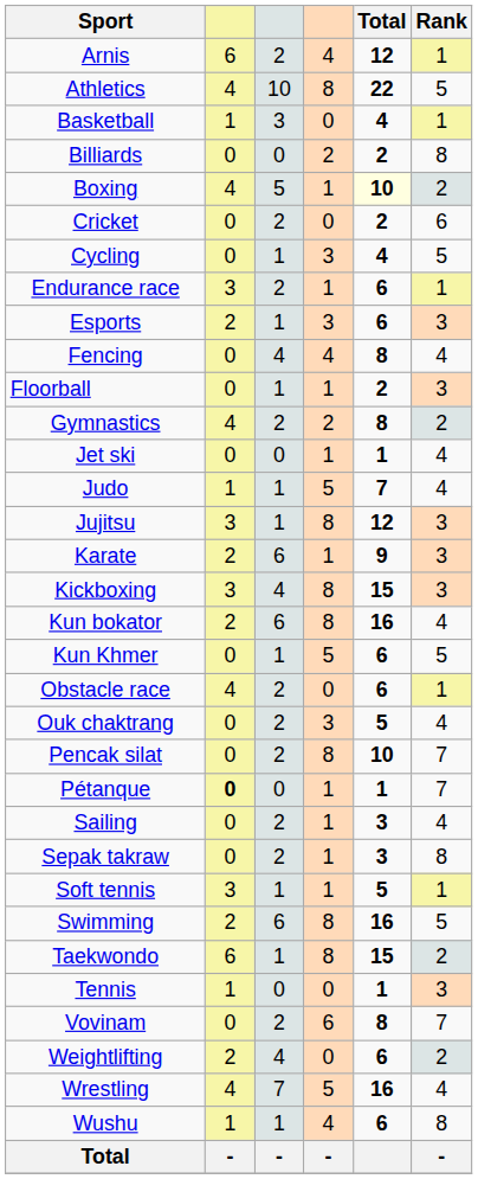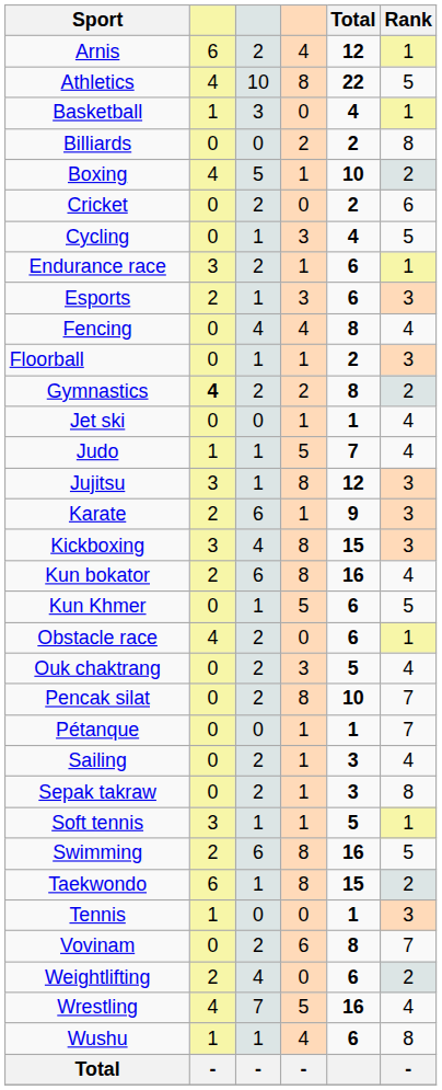 <table class="wikitable sortable" style="font-size:100%; text-align:center;">
 <tr>
 <th width=145>Sport</th>
 <th scope="col" width=30 style="background:#F7F6A8; text-align:center;"></th>
 <th scope="col" width=30 style="background:#DCE5E5; text-align:center;"></th>
 <th scope="col" width=30 style="background:#FFDAB9; text-align:center;"></th>
 <th scope="col" width=30>Total</th>
 <th scope="col" width=30>Rank</th>
 </tr>
 <tr>
 <td> <a href='#'>Arnis</a></td>
 <td style="background:#F7F6A8;">6</td>
 <td style="background:#DCE5E5;">2</td>
 <td style="background:#FFDAB9;">4</td>
 <td><strong>12</strong></td>
 <td style="background:#F7F6A8;">1</td>
 </tr>
 <tr>
 <td> <a href='#'>Athletics</a></td>
 <td style="background:#F7F6A8;">4</td>
 <td style="background:#DCE5E5;">10</td>
 <td style="background:#FFDAB9;">8</td>
 <td><strong>22</strong></td>
 <td>5</td>
 </tr>
 <tr>
 <td> <a href='#'>Basketball</a></td>
 <td style="background:#F7F6A8;">1</td>
 <td style="background:#DCE5E5;">3</td>
 <td style="background:#FFDAB9;">0</td>
 <td><strong>4</strong></td>
 <td style="background:#F7F6A8;">1</td>
 </tr>
 <tr>
 <td> <a href='#'>Billiards</a></td>
 <td style="background:#F7F6A8;">0</td>
 <td style="background:#DCE5E5;">0</td>
 <td style="background:#FFDAB9;">2</td>
 <td><strong>2</strong></td>
 <td>8</td>
 </tr>
 <tr>
 <td> <a href='#'>Boxing</a></td>
 <td style="background:#F7F6A8;">4</td>
 <td style="background:#DCE5E5;">5</td>
 <td style="background:#FFDAB9;">1</td>
-<td style="background: lightyellow;"><strong>10</strong></td>
+<td><strong>10</strong></td>
 <td style="background:#DCE5E5;">2</td>
 </tr>
 <tr>
 <td> <a href='#'>Cricket</a></td>
 <td style="background:#F7F6A8;">0</td>
 <td style="background:#DCE5E5;">2</td>
 <td style="background:#FFDAB9;">0</td>
 <td><strong>2</strong></td>
 <td>6</td>
 </tr>
 <tr>
 <td> <a href='#'>Cycling</a></td>
 <td style="background:#F7F6A8;">0</td>
 <td style="background:#DCE5E5;">1</td>
 <td style="background:#FFDAB9;">3</td>
 <td><strong>4</strong></td>
 <td>5</td>
 </tr>
 <tr>
 <td> <a href='#'>Endurance race</a></td>
 <td style="background:#F7F6A8;">3</td>
 <td style="background:#DCE5E5;">2</td>
 <td style="background:#FFDAB9;">1</td>
 <td><strong>6</strong></td>
 <td style="background:#F7F6A8;">1</td>
 </tr>
 <tr>
 <td> <a href='#'>Esports</a></td>
 <td style="background:#F7F6A8;">2</td>
 <td style="background:#DCE5E5;">1</td>
 <td style="background:#FFDAB9;">3</td>
 <td><strong>6</strong></td>
 <td style="background:#FFDAB9;">3</td>
 </tr>
 <tr>
 <td> <a href='#'>Fencing</a></td>
 <td style="background:#F7F6A8;">0</td>
 <td style="background:#DCE5E5;">4</td>
 <td style="background:#FFDAB9;">4</td>
 <td><strong>8</strong></td>
 <td>4</td>
 </tr>
 <tr>
 <td align=left> <a href='#'>Floorball</a></td>
 <td style="background:#F7F6A8;">0</td>
 <td style="background:#DCE5E5;">1</td>
 <td style="background:#FFDAB9;">1</td>
 <td><strong>2</strong></td>
 <td style="background:#FFDAB9;">3</td>
 </tr>
 <tr>
 <td> <a href='#'>Gymnastics</a></td>
-<td style="background:#F7F6A8;">4</td>
+<td style="background:#F7F6A8;"><strong>4</strong></td>
 <td style="background:#DCE5E5;">2</td>
 <td style="background:#FFDAB9;">2</td>
 <td><strong>8</strong></td>
 <td style="background:#DCE5E5;">2</td>
 </tr>
 <tr>
 <td> <a href='#'>Jet ski</a></td>
 <td style="background:#F7F6A8;">0</td>
 <td style="background:#DCE5E5;">0</td>
 <td style="background:#FFDAB9;">1</td>
 <td><strong>1</strong></td>
 <td>4</td>
 </tr>
 <tr>
 <td> <a href='#'>Judo</a></td>
 <td style="background:#F7F6A8;">1</td>
 <td style="background:#DCE5E5;">1</td>
 <td style="background:#FFDAB9;">5</td>
 <td><strong>7</strong></td>
 <td>4</td>
 </tr>
 <tr>
 <td> <a href='#'>Jujitsu</a></td>
 <td style="background:#F7F6A8;">3</td>
 <td style="background:#DCE5E5;">1</td>
 <td style="background:#FFDAB9;">8</td>
 <td><strong>12</strong></td>
 <td style="background:#FFDAB9;">3</td>
 </tr>
 <tr>
 <td> <a href='#'>Karate</a></td>
 <td style="background:#F7F6A8;">2</td>
 <td style="background:#DCE5E5;">6</td>
 <td style="background:#FFDAB9;">1</td>
 <td><strong>9</strong></td>
 <td style="background:#FFDAB9;">3</td>
 </tr>
 <tr>
 <td> <a href='#'>Kickboxing</a></td>
 <td style="background:#F7F6A8;">3</td>
 <td style="background:#DCE5E5;">4</td>
 <td style="background:#FFDAB9;">8</td>
 <td><strong>15</strong></td>
 <td style="background:#FFDAB9;">3</td>
 </tr>
 <tr>
 <td> <a href='#'>Kun bokator</a></td>
 <td style="background:#F7F6A8;">2</td>
 <td style="background:#DCE5E5;">6</td>
 <td style="background:#FFDAB9;">8</td>
 <td><strong>16</strong></td>
 <td>4</td>
 </tr>
 <tr>
 <td> <a href='#'>Kun Khmer</a></td>
 <td style="background:#F7F6A8;">0</td>
 <td style="background:#DCE5E5;">1</td>
 <td style="background:#FFDAB9;">5</td>
 <td><strong>6</strong></td>
 <td>5</td>
 </tr>
 <tr>
 <td> <a href='#'>Obstacle race</a></td>
 <td style="background:#F7F6A8;">4</td>
 <td style="background:#DCE5E5;">2</td>
 <td style="background:#FFDAB9;">0</td>
 <td><strong>6</strong></td>
 <td style="background:#F7F6A8;">1</td>
 </tr>
 <tr>
 <td> <a href='#'>Ouk chaktrang</a></td>
 <td style="background:#F7F6A8;">0</td>
 <td style="background:#DCE5E5;">2</td>
 <td style="background:#FFDAB9;">3</td>
 <td><strong>5</strong></td>
 <td>4</td>
 </tr>
 <tr>
 <td> <a href='#'>Pencak silat</a></td>
 <td style="background:#F7F6A8;">0</td>
 <td style="background:#DCE5E5;">2</td>
 <td style="background:#FFDAB9;">8</td>
 <td><strong>10</strong></td>
 <td>7</td>
 </tr>
 <tr>
 <td> <a href='#'>Pétanque</a></td>
-<td style="background:#F7F6A8;"><strong>0</strong></td>
+<td style="background:#F7F6A8;">0</td>
 <td style="background:#DCE5E5;">0</td>
 <td style="background:#FFDAB9;">1</td>
 <td><strong>1</strong></td>
 <td>7</td>
 </tr>
 <tr>
 <td> <a href='#'>Sailing</a></td>
 <td style="background:#F7F6A8;">0</td>
 <td style="background:#DCE5E5;">2</td>
 <td style="background:#FFDAB9;">1</td>
 <td><strong>3</strong></td>
 <td>4</td>
 </tr>
 <tr>
 <td> <a href='#'>Sepak takraw</a></td>
 <td style="background:#F7F6A8;">0</td>
 <td style="background:#DCE5E5;">2</td>
 <td style="background:#FFDAB9;">1</td>
 <td><strong>3</strong></td>
 <td>8</td>
 </tr>
 <tr>
 <td> <a href='#'>Soft tennis</a></td>
 <td style="background:#F7F6A8;">3</td>
 <td style="background:#DCE5E5;">1</td>
 <td style="background:#FFDAB9;">1</td>
 <td><strong>5</strong></td>
 <td style="background:#F7F6A8;">1</td>
 </tr>
 <tr>
 <td> <a href='#'>Swimming</a></td>
 <td style="background:#F7F6A8;">2</td>
 <td style="background:#DCE5E5;">6</td>
 <td style="background:#FFDAB9;">8</td>
 <td><strong>16</strong></td>
 <td>5</td>
 </tr>
 <tr>
 <td> <a href='#'>Taekwondo</a></td>
 <td style="background:#F7F6A8;">6</td>
 <td style="background:#DCE5E5;">1</td>
 <td style="background:#FFDAB9;">8</td>
 <td><strong>15</strong></td>
 <td style="background:#DCE5E5;">2</td>
 </tr>
 <tr>
 <td> <a href='#'>Tennis</a></td>
 <td style="background:#F7F6A8;">1</td>
 <td style="background:#DCE5E5;">0</td>
 <td style="background:#FFDAB9;">0</td>
 <td><strong>1</strong></td>
 <td style="background:#FFDAB9;">3</td>
 </tr>
 <tr>
 <td> <a href='#'>Vovinam</a></td>
 <td style="background:#F7F6A8;">0</td>
 <td style="background:#DCE5E5;">2</td>
 <td style="background:#FFDAB9;">6</td>
 <td><strong>8</strong></td>
 <td>7</td>
 </tr>
 <tr>
 <td> <a href='#'>Weightlifting</a></td>
 <td style="background:#F7F6A8;">2</td>
 <td style="background:#DCE5E5;">4</td>
 <td style="background:#FFDAB9;">0</td>
 <td><strong>6</strong></td>
 <td style="background:#DCE5E5;">2</td>
 </tr>
 <tr>
 <td> <a href='#'>Wrestling</a></td>
 <td style="background:#F7F6A8;">4</td>
 <td style="background:#DCE5E5;">7</td>
 <td style="background:#FFDAB9;">5</td>
 <td><strong>16</strong></td>
 <td>4</td>
 </tr>
 <tr>
 <td> <a href='#'>Wushu</a></td>
 <td style="background:#F7F6A8;">1</td>
 <td style="background:#DCE5E5;">1</td>
 <td style="background:#FFDAB9;">4</td>
 <td><strong>6</strong></td>
 <td>8</td>
 </tr>
 <tr>
 <th colspan="1">Total</th>
 <th>-</th>
 <th>-</th>
 <th>-</th>
 <th></th>
 <th>-</th>
 </tr>
 <tr>
 </tr>
 </table>
